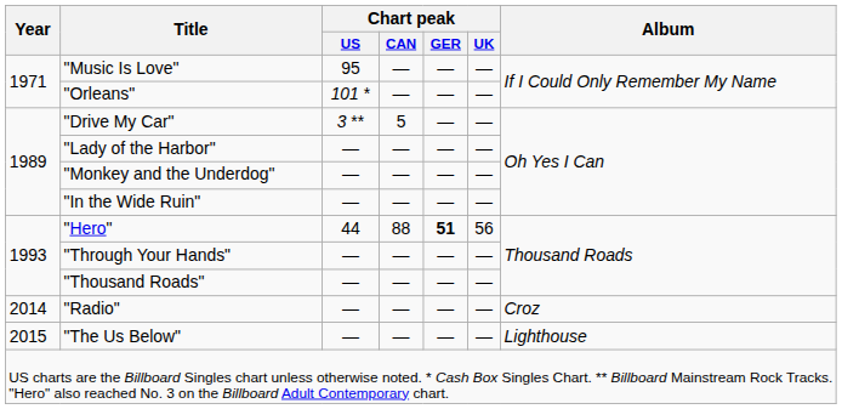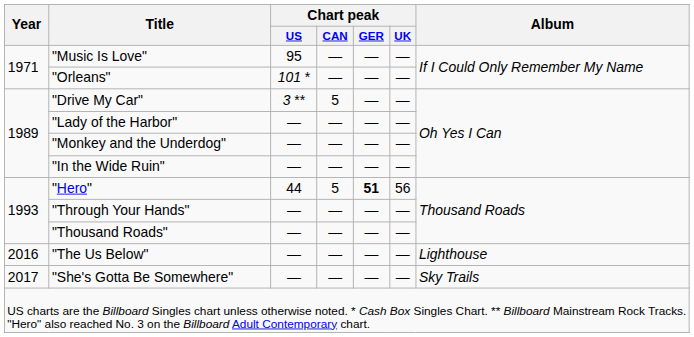 <table class="wikitable">
 <tr>
 <th rowspan="2">Year</th>
 <th rowspan="2">Title</th>
 <th colspan="4">Chart peak</th>
 <th rowspan="2">Album</th>
 </tr>
 <tr style="font-size:smaller;">
 <th scope="col"><a href='#'>US</a><br></th>
 <th scope="col"><a href='#'>CAN</a><br></th>
 <th scope="col"><a href='#'>GER</a><br></th>
 <th scope="col"><a href='#'>UK</a><br></th>
 </tr>
 <tr>
 <td rowspan="2">1971</td>
 <td>"Music Is Love"</td>
 <td style="text-align:center;">95</td>
 <td style="text-align:center;">—</td>
 <td style="text-align:center;">—</td>
 <td style="text-align:center;">—</td>
 <td rowspan="2"><em>If I Could Only Remember My Name</em></td>
 </tr>
 <tr>
 <td>"Orleans"</td>
 <td style="text-align:center;"><em>101</em> *</td>
 <td style="text-align:center;">—</td>
 <td style="text-align:center;">—</td>
 <td style="text-align:center;">—</td>
 </tr>
 <tr>
 <td rowspan="4">1989</td>
 <td>"Drive My Car"</td>
 <td style="text-align:center;"><em>3</em> **</td>
 <td style="text-align:center;">5</td>
 <td style="text-align:center;">—</td>
 <td style="text-align:center;">—</td>
 <td rowspan="4"><em>Oh Yes I Can</em></td>
 </tr>
 <tr>
 <td>"Lady of the Harbor"</td>
 <td style="text-align:center;">—</td>
 <td style="text-align:center;">—</td>
 <td style="text-align:center;">—</td>
 <td style="text-align:center;">—</td>
 </tr>
 <tr>
 <td>"Monkey and the Underdog"</td>
 <td style="text-align:center;">—</td>
 <td style="text-align:center;">—</td>
 <td style="text-align:center;">—</td>
 <td style="text-align:center;">—</td>
 </tr>
 <tr>
 <td>"In the Wide Ruin"</td>
 <td style="text-align:center;">—</td>
 <td style="text-align:center;">—</td>
 <td style="text-align:center;">—</td>
 <td style="text-align:center;">—</td>
 </tr>
 <tr>
 <td rowspan="3">1993</td>
 <td>"<a href='#'>Hero</a>"</td>
 <td style="text-align:center;">44</td>
-<td style="text-align:center;">88</td>
+<td style="text-align:center;">5</td>
 <td style="text-align:center;"><strong>51</strong></td>
 <td style="text-align:center;">56</td>
 <td rowspan="3"><em>Thousand Roads</em></td>
 </tr>
 <tr>
 <td>"Through Your Hands"</td>
 <td style="text-align:center;">—</td>
 <td style="text-align:center;">—</td>
 <td style="text-align:center;">—</td>
 <td style="text-align:center;">—</td>
 </tr>
 <tr>
 <td>"Thousand Roads"</td>
 <td style="text-align:center;">—</td>
 <td style="text-align:center;">—</td>
 <td style="text-align:center;">—</td>
 <td style="text-align:center;">—</td>
 </tr>
 <tr>
-<td>2014</td>
-<td>"Radio"</td>
-<td style="text-align:center;">—</td>
-<td style="text-align:center;">—</td>
-<td style="text-align:center;">—</td>
-<td style="text-align:center;">—</td>
-<td><em>Croz</em></td>
-</tr>
-<tr>
-<td>2015</td>
+<td>2016</td>
 <td>"The Us Below"</td>
 <td style="text-align:center;">—</td>
 <td style="text-align:center;">—</td>
 <td style="text-align:center;">—</td>
 <td style="text-align:center;">—</td>
 <td><em>Lighthouse</em></td>
 </tr>
 <tr>
+<td>2017</td>
+<td>"She's Gotta Be Somewhere"</td>
+<td style="text-align:center;">—</td>
+<td style="text-align:center;">—</td>
+<td style="text-align:center;">—</td>
+<td style="text-align:center;">—</td>
+<td><em>Sky Trails</em></td>
+</tr>
+<tr>
 <td colspan="7" style="font-size:85%"><br>US charts are the <em>Billboard</em> Singles chart unless otherwise noted. * <em>Cash Box</em> Singles Chart. ** <em>Billboard</em> Mainstream Rock Tracks.<br> "Hero" also reached No. 3 on the <em>Billboard</em> <a href='#'>Adult Contemporary</a> chart.</td>
 </tr>
 </table>
